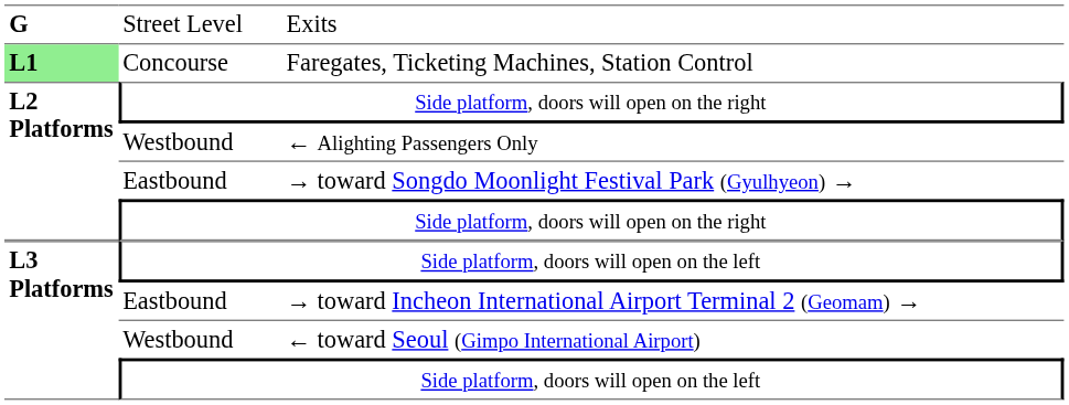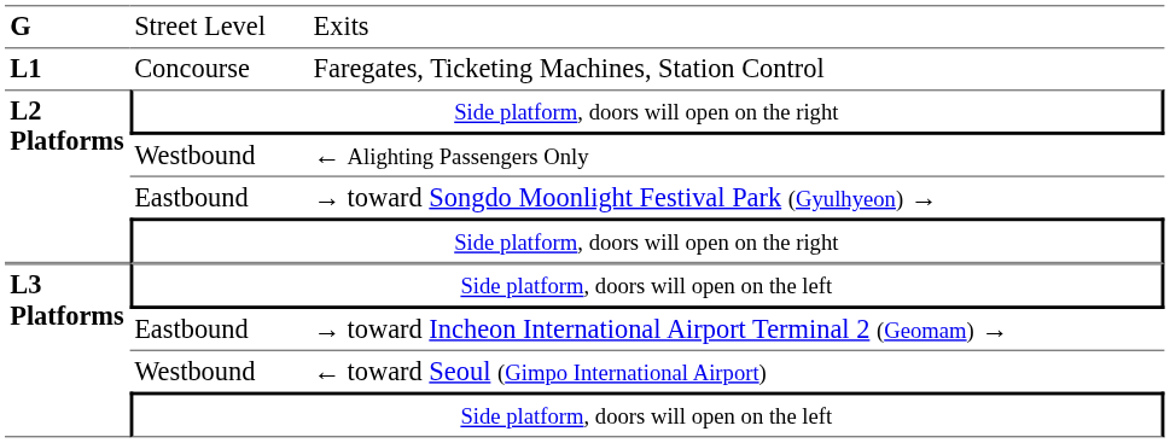 <table table border=0 cellspacing=0 cellpadding=3>
 <tr>
 <td style="border-top:solid 1px gray;border-bottom:solid 1px gray;" width=50 valign=top><strong>G</strong></td>
 <td style="border-top:solid 1px gray;border-bottom:solid 1px gray;" width=100 valign=top>Street Level</td>
 <td style="border-top:solid 1px gray;border-bottom:solid 1px gray;" width=400 valign=top>Exits</td>
 </tr>
 <tr>
-<td style="background: lightgreen; border-bottom:solid 0 gray;" width=50 valign=top><strong>L1</strong></td>
+<td style="border-bottom:solid 0 gray;" width=50 valign=top><strong>L1</strong></td>
 <td style="border-bottom:solid 0 gray;" width=100 valign=top>Concourse</td>
 <td style="border-bottom:solid 0 gray;" width=500 valign=top>Faregates, Ticketing Machines, Station Control</td>
 </tr>
 <tr>
 <td style="border-top:solid 1px gray;border-bottom:solid 1px gray;" rowspan=4 valign=top><strong>L2<br>Platforms</strong></td>
 <td style="border-top:solid 1px gray;border-right:solid 2px black;border-left:solid 2px black;border-bottom:solid 2px black;text-align:center;" colspan=2><small><a href='#'>Side platform</a>, doors will open on the right</small></td>
 </tr>
 <tr>
 <td style="border-bottom:solid 1px gray;">Westbound</td>
 <td style="border-bottom:solid 1px gray;">←  <small>Alighting Passengers Only</small></td>
 </tr>
 <tr>
 <td>Eastbound</td>
 <td><span>→</span>  toward <a href='#'>Songdo Moonlight Festival Park</a> <small>(<a href='#'>Gyulhyeon</a>)</small> →</td>
 </tr>
 <tr>
 <td style="border-top:solid 2px black;border-right:solid 2px black;border-left:solid 2px black;border-bottom:solid 1px gray;text-align:center;" colspan=2><small><a href='#'>Side platform</a>, doors will open on the right</small></td>
 </tr>
 <tr>
 <td style="border-top:solid 1px gray;border-bottom:solid 1px gray;" rowspan=4 valign=top><strong>L3<br>Platforms</strong></td>
 <td style="border-top:solid 1px gray;border-right:solid 2px black;border-left:solid 2px black;border-bottom:solid 2px black;text-align:center;" colspan=2><small><a href='#'>Side platform</a>, doors will open on the left</small></td>
 </tr>
 <tr>
 <td style="border-bottom:solid 1px gray;">Eastbound</td>
 <td style="border-bottom:solid 1px gray;"><span>→</span>  toward <a href='#'>Incheon International Airport Terminal 2</a> <small>(<a href='#'>Geomam</a>)</small> →</td>
 </tr>
 <tr>
 <td>Westbound</td>
 <td>←  toward <a href='#'>Seoul</a> <small>(<a href='#'>Gimpo International Airport</a>)</small></td>
 </tr>
 <tr>
 <td style="border-top:solid 2px black;border-right:solid 2px black;border-left:solid 2px black;border-bottom:solid 1px gray;text-align:center;" colspan=2><small><a href='#'>Side platform</a>, doors will open on the left</small></td>
 </tr>
 </table>
